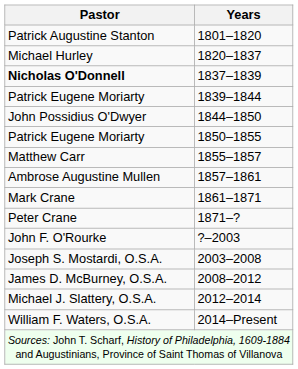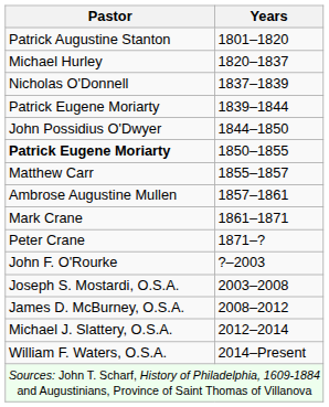 <table class="wikitable" align="right" style="margin: 2em 0 2em 2em;">
 <tr>
 <th>Pastor</th>
 <th>Years</th>
 </tr>
 <tr>
 <td>Patrick Augustine Stanton</td>
 <td>1801–1820</td>
 </tr>
 <tr>
 <td>Michael Hurley</td>
 <td>1820–1837</td>
 </tr>
 <tr>
-<td><strong>Nicholas O'Donnell</strong></td>
+<td>Nicholas O'Donnell</td>
 <td>1837–1839</td>
 </tr>
 <tr>
 <td>Patrick Eugene Moriarty</td>
 <td>1839–1844</td>
 </tr>
 <tr>
 <td>John Possidius O'Dwyer</td>
 <td>1844–1850</td>
 </tr>
 <tr>
-<td>Patrick Eugene Moriarty</td>
+<td><strong>Patrick Eugene Moriarty</strong></td>
 <td>1850–1855</td>
 </tr>
 <tr>
 <td>Matthew Carr</td>
 <td>1855–1857</td>
 </tr>
 <tr>
 <td>Ambrose Augustine Mullen</td>
 <td>1857–1861</td>
 </tr>
 <tr>
 <td>Mark Crane</td>
 <td>1861–1871</td>
 </tr>
 <tr>
 <td>Peter Crane</td>
 <td>1871–?</td>
 </tr>
 <tr>
 <td>John F. O'Rourke</td>
 <td>?–2003</td>
 </tr>
 <tr>
 <td>Joseph S. Mostardi, O.S.A.</td>
 <td>2003–2008</td>
 </tr>
 <tr>
 <td>James D. McBurney, O.S.A.</td>
 <td>2008–2012</td>
 </tr>
 <tr>
 <td>Michael J. Slattery, O.S.A.</td>
 <td>2012–2014</td>
 </tr>
 <tr>
 <td>William F. Waters, O.S.A.</td>
 <td>2014–Present</td>
 </tr>
 <tr align="center" bgcolor=#eeffee>
 <td colspan="2"><small><em>Sources:</em> John T. Scharf, <em>History of Philadelphia, 1609-1884</em><br>and Augustinians, Province of Saint Thomas of Villanova</small></td>
 </tr>
 </table>
